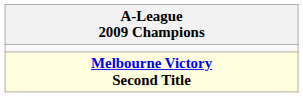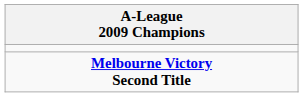 <table class="wikitable" style="text-align: center; margin: 0 auto; width: 20%">
 <tr>
 <th>A-League<br>2009 Champions</th>
 </tr>
 <tr>
 <td></td>
 </tr>
 <tr>
-<td style="background: lightyellow;"><strong><a href='#'>Melbourne Victory</a></strong><br><strong>Second Title</strong></td>
+<td><strong><a href='#'>Melbourne Victory</a></strong><br><strong>Second Title</strong></td>
 </tr>
 </table>
